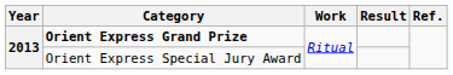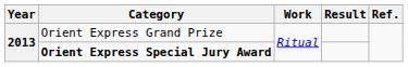 <table class="wikitable plainrowheaders sortable">
 <tr>
 <th>Year</th>
 <th>Category</th>
 <th>Work</th>
 <th>Result</th>
 <th>Ref.</th>
 </tr>
 <tr>
 <th rowspan="2">2013</th>
-<td><strong>Orient Express Grand Prize</strong></td>
+<td>Orient Express Grand Prize</td>
 <td rowspan="2"><a href='#'><em>Ritual</em></a></td>
 <td></td>
 <td rowspan="2"></td>
 </tr>
 <tr>
-<td>Orient Express Special Jury Award</td>
+<td><strong>Orient Express Special Jury Award</strong></td>
 <td></td>
 </tr>
 </table>
